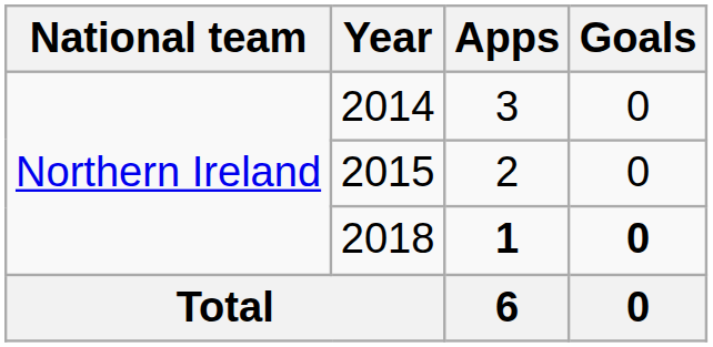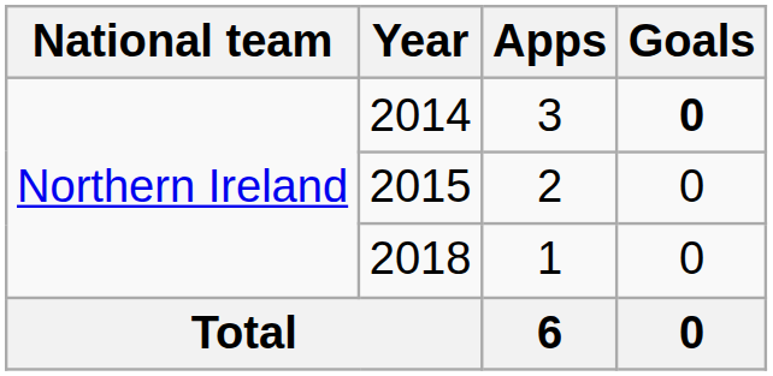 <table class="wikitable" style="text-align: center;">
 <tr>
 <th>National team</th>
 <th>Year</th>
 <th>Apps</th>
 <th>Goals</th>
 </tr>
 <tr>
 <td rowspan="3"><a href='#'>Northern Ireland</a></td>
 <td>2014</td>
 <td>3</td>
-<td>0</td>
+<td><strong>0</strong></td>
 </tr>
 <tr>
 <td>2015</td>
 <td>2</td>
 <td>0</td>
 </tr>
 <tr>
 <td>2018</td>
-<td><strong>1</strong></td>
-<td><strong>0</strong></td>
+<td>1</td>
+<td>0</td>
 </tr>
 <tr>
 <th colspan="2">Total</th>
 <th>6</th>
 <th>0</th>
 </tr>
 </table>
